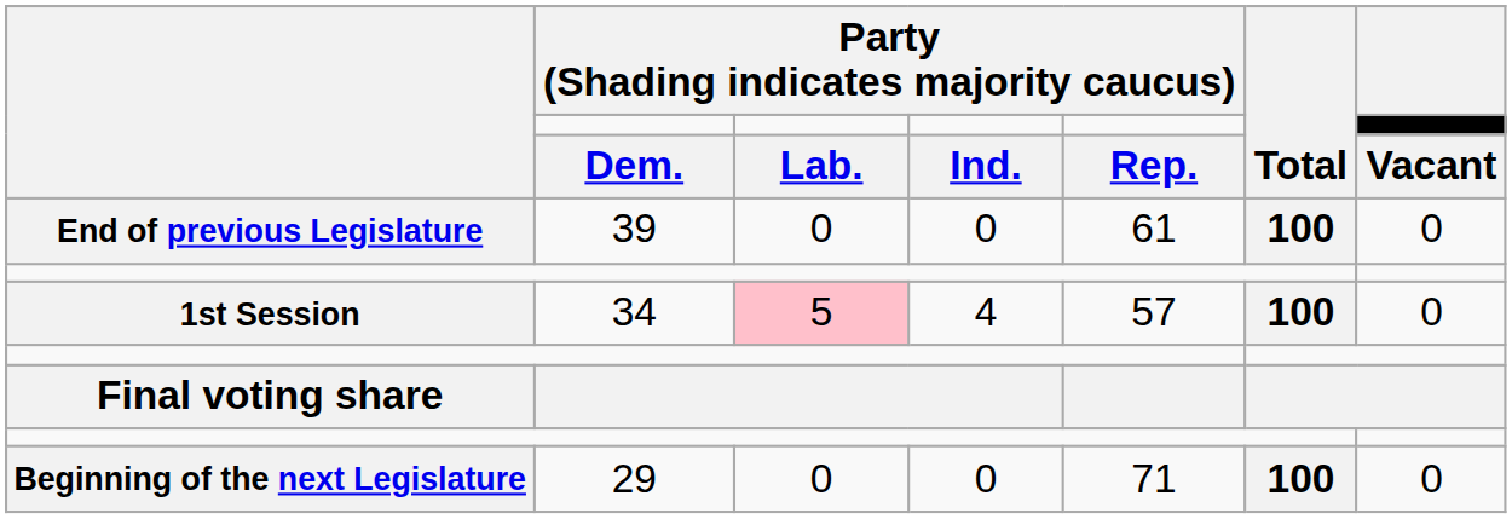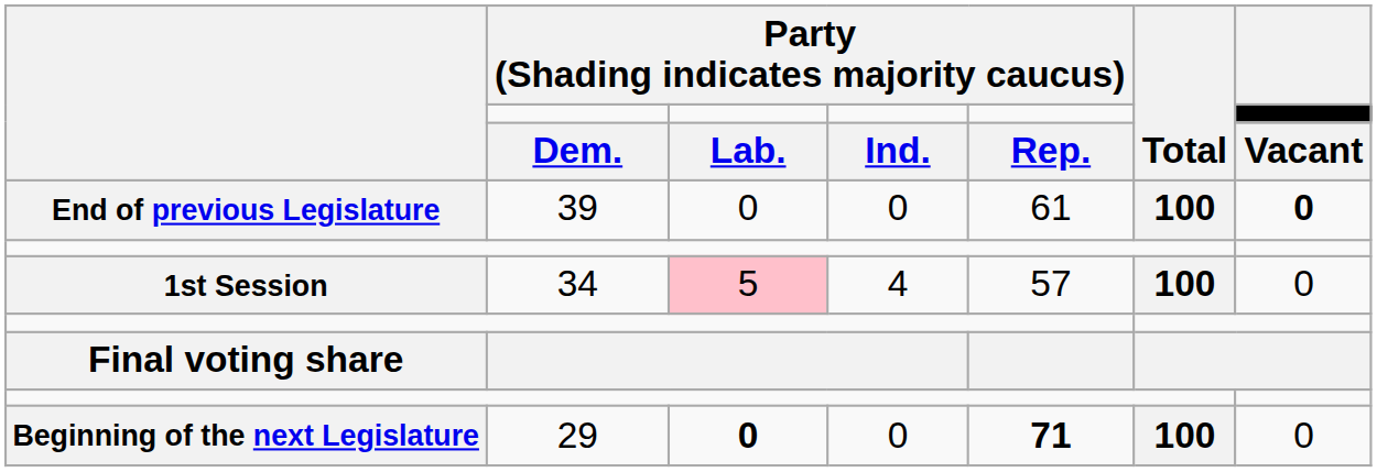 <table class=wikitable style="text-align:center">
 <tr style="vertical-align:bottom;">
 <th rowspan=3></th>
 <th colspan=4>Party <div>(Shading indicates majority caucus)</div></th>
 <th rowspan=3>Total</th>
 <th></th>
 </tr>
 <tr style="height:5px">
 <td style="background-color:"></td>
 <td style="background-color:"></td>
 <td style="background-color:"></td>
 <td style="background-color:"></td>
 <td style="background:black;"></td>
 </tr>
 <tr>
 <th><a href='#'>Dem.</a></th>
 <th><a href='#'>Lab.</a></th>
 <th><a href='#'>Ind.</a></th>
 <th><a href='#'>Rep.</a></th>
 <th>Vacant</th>
 </tr>
 <tr>
 <th style="font-size:80%;">End of <a href='#'>previous Legislature</a></th>
 <td>39</td>
 <td>0</td>
 <td>0</td>
 <td>61</td>
 <th>100</th>
-<td>0</td>
+<td><strong>0</strong></td>
 </tr>
 <tr>
 <td colspan=6></td>
 </tr>
 <tr>
 <th style="font-size:80%;">1st Session</th>
 <td>34</td>
 <td style="background: pink;">5</td>
 <td>4</td>
 <td>57</td>
 <th>100</th>
 <td>0</td>
 </tr>
 <tr>
 <td colspan=5></td>
 </tr>
 <tr>
 <th>Final voting share</th>
 <th colspan=3></th>
 <th></th>
 <th colspan=2></th>
 </tr>
 <tr>
 <td colspan=6></td>
 </tr>
 <tr>
 <th style="font-size:80%;">Beginning of the <a href='#'>next Legislature</a></th>
 <td>29</td>
+<td><strong>0</strong></td>
 <td>0</td>
-<td>0</td>
-<td>71</td>
+<td><strong>71</strong></td>
 <th>100</th>
 <td>0</td>
 </tr>
 </table>
